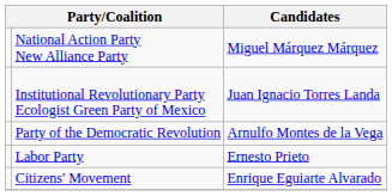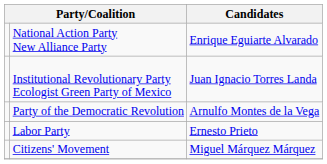 <table class="wikitable">
 <tr style="background:#efefef;">
 <th Colspan = 2><strong>Party/Coalition</strong></th>
 <th Colspan = 2><strong>Candidates</strong></th>
 </tr>
 <tr>
 <td></td>
 <td><a href='#'>National Action Party</a><br><a href='#'>New Alliance Party</a></td>
-<td><a href='#'>Miguel Márquez Márquez</a></td>
+<td><a href='#'>Enrique Eguiarte Alvarado</a></td>
 </tr>
 <tr>
 <td></td>
 <td><br><a href='#'>Institutional Revolutionary Party</a><br><a href='#'>Ecologist Green Party of Mexico</a></td>
 <td><a href='#'>Juan Ignacio Torres Landa</a></td>
 </tr>
 <tr>
 <td></td>
 <td><a href='#'>Party of the Democratic Revolution</a></td>
 <td><a href='#'>Arnulfo Montes de la Vega</a></td>
 </tr>
 <tr>
 <td></td>
 <td><a href='#'>Labor Party</a></td>
 <td><a href='#'>Ernesto Prieto</a></td>
 </tr>
 <tr>
 <td></td>
 <td><a href='#'>Citizens' Movement</a></td>
-<td><a href='#'>Enrique Eguiarte Alvarado</a></td>
+<td><a href='#'>Miguel Márquez Márquez</a></td>
 </tr>
 <tr>
 </tr>
 </table>
